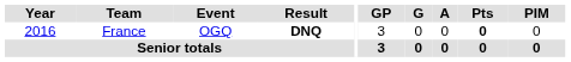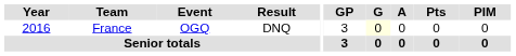 <table border="0" cellpadding="1" cellspacing="0" ID="Table3" style="text-align:center; width:40em">
 <tr ALIGN="center" bgcolor="#e0e0e0">
 <th>Year</th>
 <th>Team</th>
 <th>Event</th>
 <th>Result</th>
 <th rowspan="99" bgcolor="#ffffff"></th>
 <th>GP</th>
 <th>G</th>
 <th>A</th>
 <th>Pts</th>
 <th>PIM</th>
 </tr>
 <tr>
 <td><a href='#'>2016</a></td>
 <td><a href='#'>France</a></td>
 <td><a href='#'>OGQ</a></td>
-<td><strong>DNQ</strong></td>
+<td>DNQ</td>
 <td>3</td>
+<td style="background: lightyellow;">0</td>
 <td>0</td>
 <td>0</td>
-<td><strong>0</strong></td>
 <td>0</td>
 </tr>
 <tr bgcolor="#e0e0e0">
 <th colspan="4">Senior totals</th>
 <th>3</th>
 <th>0</th>
 <th>0</th>
 <th>0</th>
 <th>0</th>
 </tr>
 </table>
